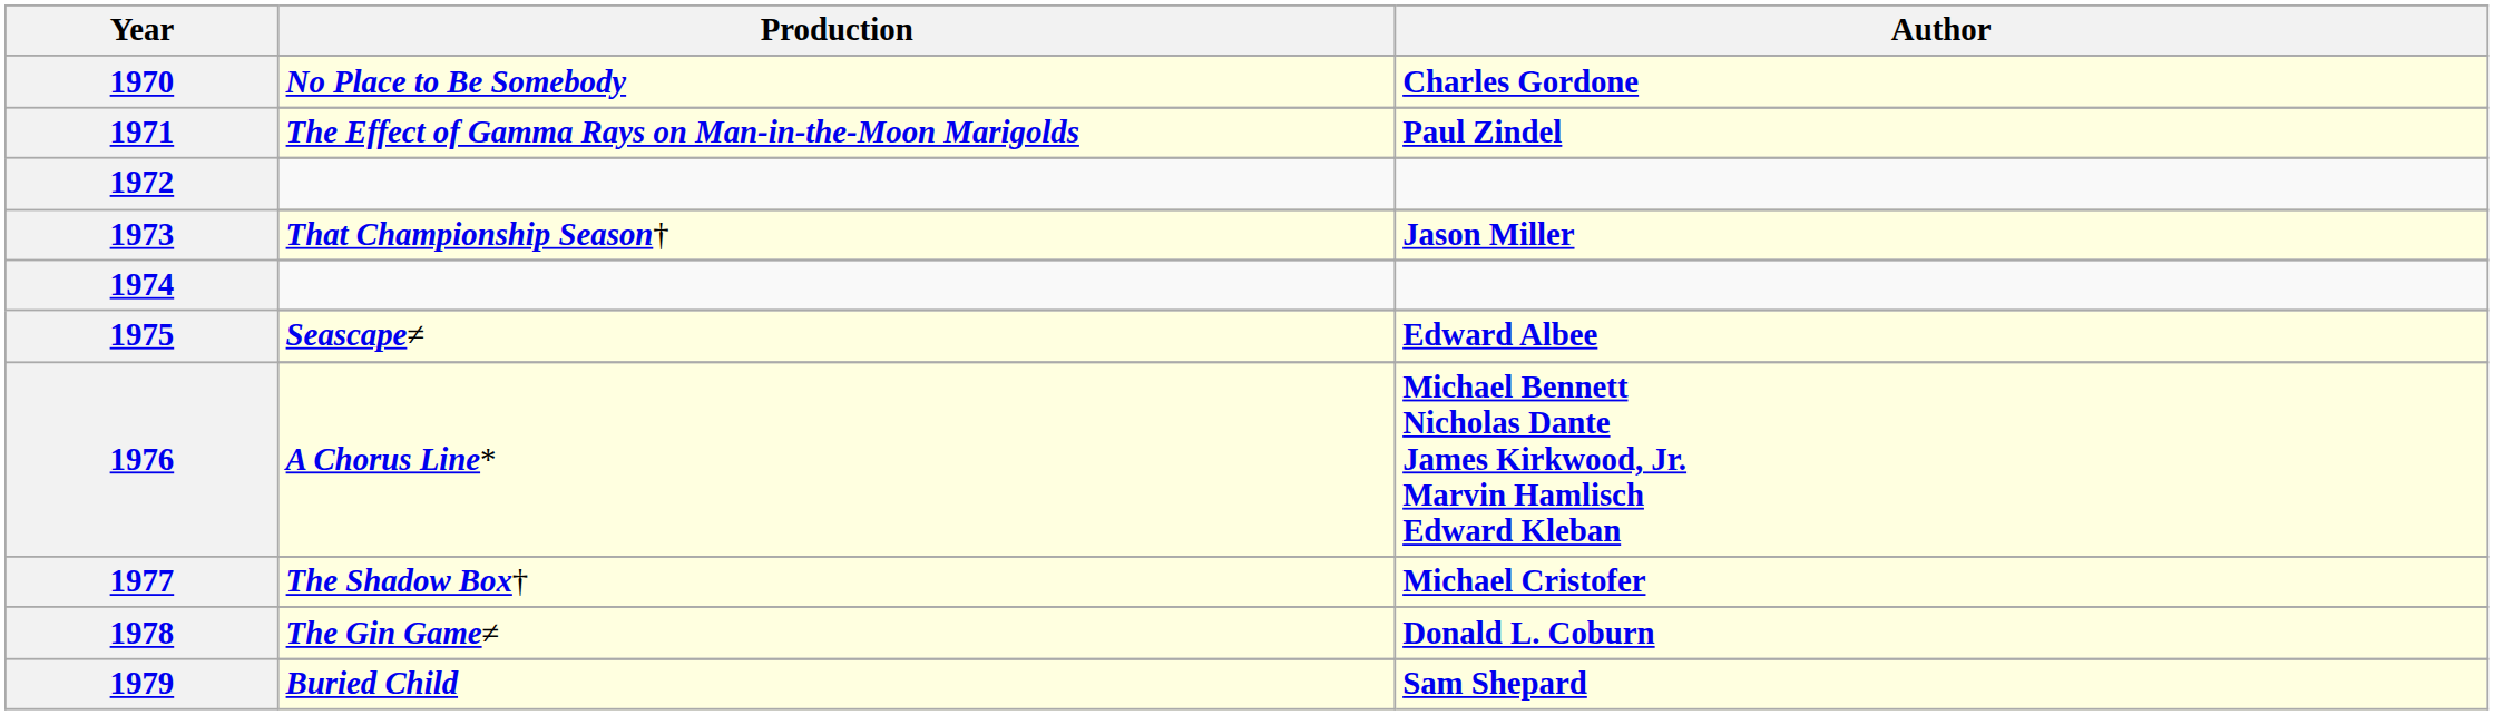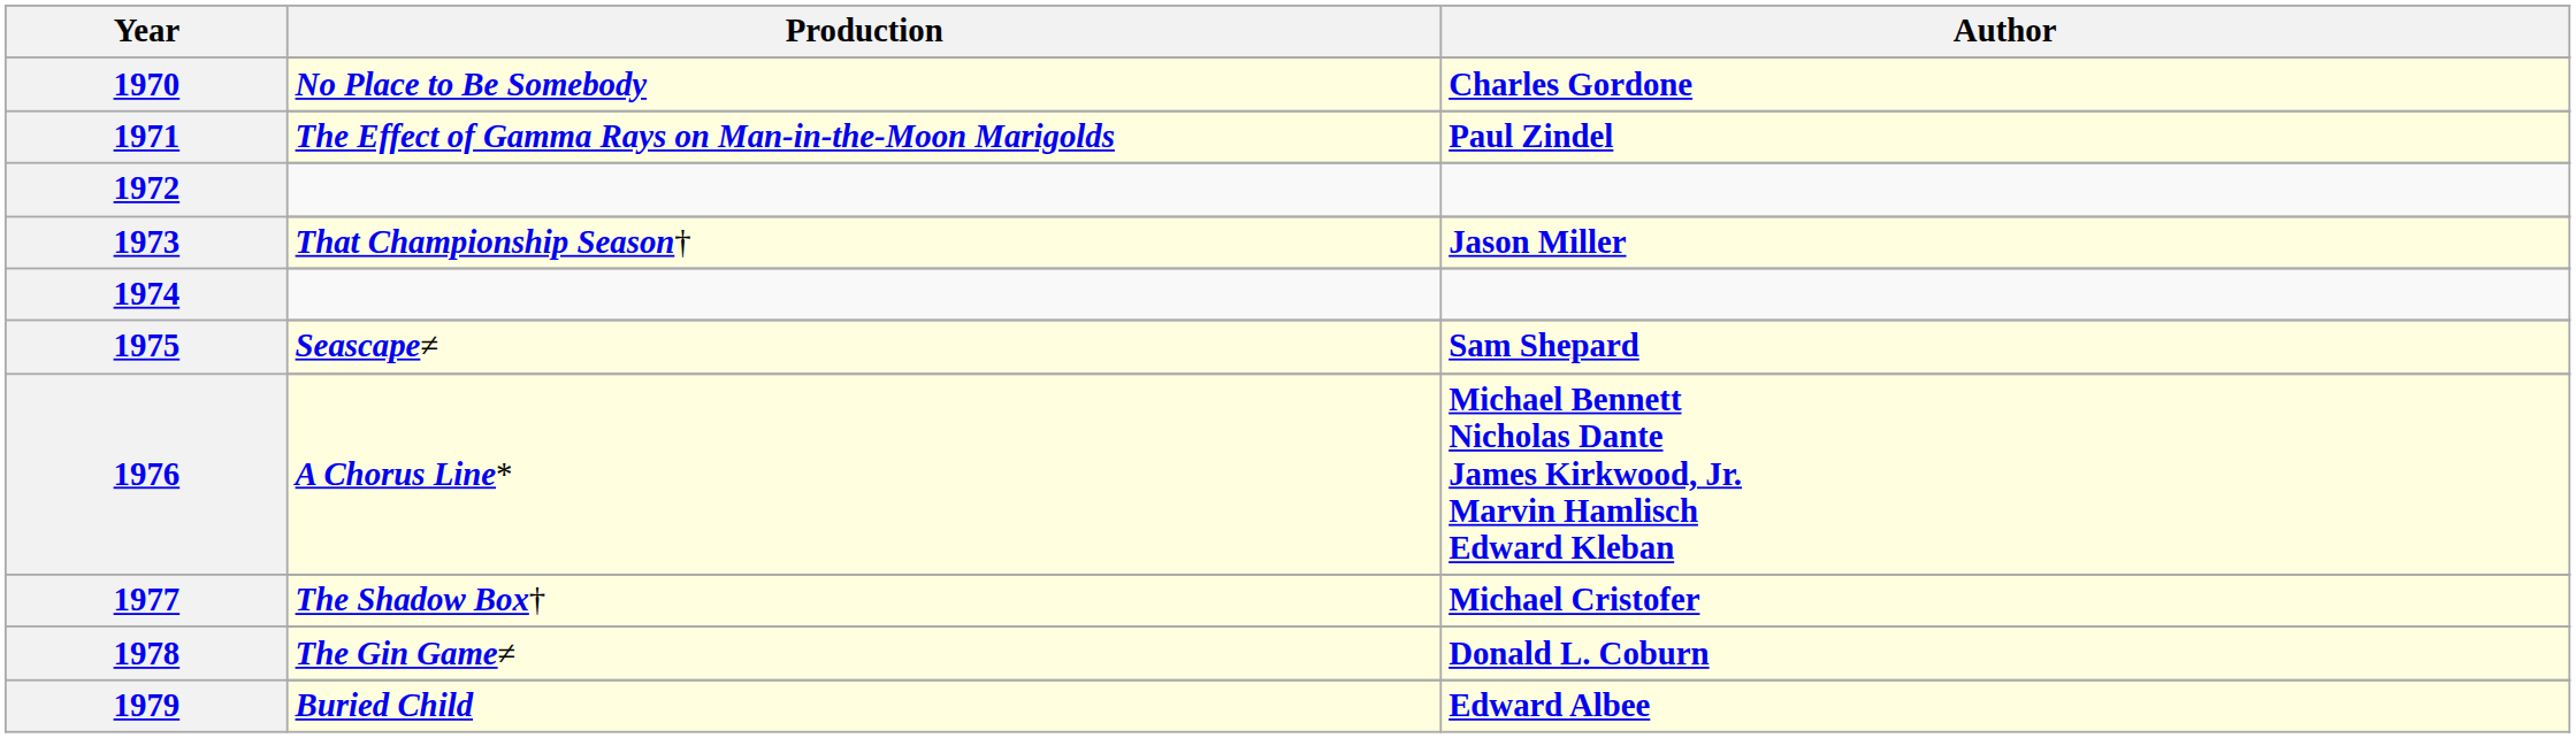 <table class="wikitable" style="width:98%">
 <tr style="background:#bebebe;">
 <th style="width:11%;">Year</th>
 <th style="width:45%;">Production</th>
 <th style="width:44%;">Author</th>
 </tr>
 <tr>
 <th rowspan="2" style="text-align:center"><strong><a href='#'>1970</a></strong></th>
 </tr>
 <tr style="background-color:lightyellow;">
 <td><strong><em><a href='#'>No Place to Be Somebody</a></em></strong></td>
 <td><strong><a href='#'>Charles Gordone</a></strong></td>
 </tr>
 <tr>
 <th rowspan="2" style="text-align:center"><strong><a href='#'>1971</a></strong></th>
 </tr>
 <tr style="background-color:lightyellow;">
 <td><strong><em><a href='#'>The Effect of Gamma Rays on Man-in-the-Moon Marigolds</a></em></strong></td>
 <td><strong><a href='#'>Paul Zindel</a></strong></td>
 </tr>
 <tr>
 <th rowspan="2" style="text-align:center"><strong><a href='#'>1972</a></strong></th>
 </tr>
 <tr style="background:">
 <td></td>
 <td></td>
 </tr>
 <tr>
 <th rowspan="2" style="text-align:center"><strong><a href='#'>1973</a></strong></th>
 </tr>
 <tr style="background-color:lightyellow;">
 <td><strong><em><a href='#'>That Championship Season</a></em></strong>†</td>
 <td><strong><a href='#'>Jason Miller</a></strong></td>
 </tr>
 <tr>
 <th rowspan="2" style="text-align:center"><strong><a href='#'>1974</a></strong></th>
 </tr>
 <tr style="background:">
 <td></td>
 <td></td>
 </tr>
 <tr>
 <th rowspan="2" style="text-align:center"><strong><a href='#'>1975</a></strong></th>
 </tr>
 <tr style="background-color:lightyellow;">
 <td><strong><em><a href='#'>Seascape</a></em></strong>≠</td>
-<td><strong><a href='#'>Edward Albee</a></strong></td>
+<td><strong><a href='#'>Sam Shepard</a></strong></td>
 </tr>
 <tr>
 <th rowspan="2" style="text-align:center"><strong><a href='#'>1976</a></strong></th>
 </tr>
 <tr style="background-color:lightyellow;">
 <td><strong><em><a href='#'>A Chorus Line</a></em></strong>*</td>
 <td><strong><a href='#'>Michael Bennett</a> <br> <a href='#'>Nicholas Dante</a> <br> <a href='#'>James Kirkwood, Jr.</a> <br> <a href='#'>Marvin Hamlisch</a> <br> <a href='#'>Edward Kleban</a></strong></td>
 </tr>
 <tr>
 <th rowspan="2" style="text-align:center"><strong><a href='#'>1977</a></strong></th>
 </tr>
 <tr style="background-color:lightyellow;">
 <td><strong><em><a href='#'>The Shadow Box</a></em></strong>†</td>
 <td><strong><a href='#'>Michael Cristofer</a></strong></td>
 </tr>
 <tr>
 <th rowspan="2" style="text-align:center"><strong><a href='#'>1978</a></strong></th>
 </tr>
 <tr style="background-color:lightyellow;">
 <td><strong><em><a href='#'>The Gin Game</a></em></strong>≠</td>
 <td><strong><a href='#'>Donald L. Coburn</a></strong></td>
 </tr>
 <tr>
 <th rowspan="2" style="text-align:center"><strong><a href='#'>1979</a></strong></th>
 </tr>
 <tr style="background-color:lightyellow;">
 <td><strong><em><a href='#'>Buried Child</a></em></strong></td>
-<td><strong><a href='#'>Sam Shepard</a></strong></td>
+<td><strong><a href='#'>Edward Albee</a></strong></td>
 </tr>
 </table>
